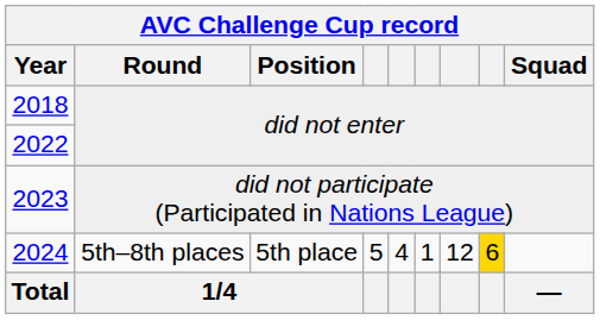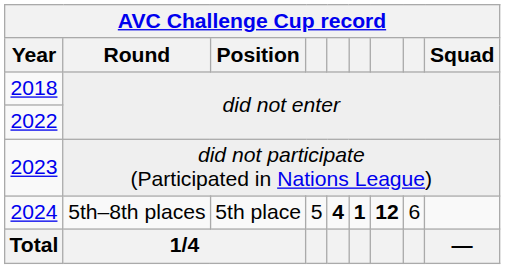 <table class="wikitable" style="text-align:center">
 <tr>
 <th colspan=9><a href='#'>AVC Challenge Cup record</a></th>
 </tr>
 <tr>
 <th>Year</th>
 <th>Round</th>
 <th>Position</th>
 <th></th>
 <th></th>
 <th></th>
 <th></th>
 <th></th>
 <th>Squad</th>
 </tr>
 <tr>
 <td> <a href='#'>2018</a></td>
 <td colspan=8 rowspan=2 bgcolor=#efefef><em>did not enter</em></td>
 </tr>
 <tr>
 <td> <a href='#'>2022</a></td>
 </tr>
 <tr>
 <td> <a href='#'>2023</a></td>
 <td colspan=8 bgcolor=#efefef><em>did not participate</em><br>(Participated in <a href='#'>Nations League</a>)</td>
 </tr>
 <tr>
 <td> <a href='#'>2024</a></td>
 <td>5th–8th places</td>
 <td>5th place</td>
 <td>5</td>
-<td>4</td>
-<td>1</td>
-<td>12</td>
-<td style="background: gold;">6</td>
+<td><strong>4</strong></td>
+<td><strong>1</strong></td>
+<td><strong>12</strong></td>
+<td>6</td>
 <td></td>
 </tr>
 <tr>
 <th>Total</th>
 <th colspan=2>1/4</th>
 <th></th>
 <th></th>
 <th></th>
 <th></th>
 <th></th>
 <th>—</th>
 </tr>
 </table>
